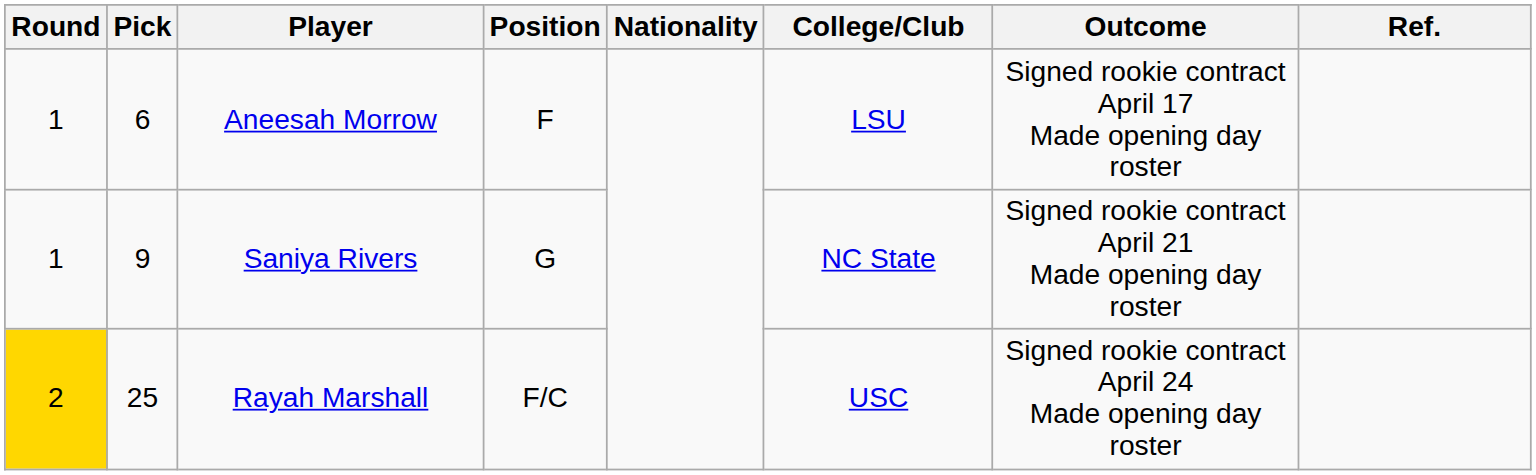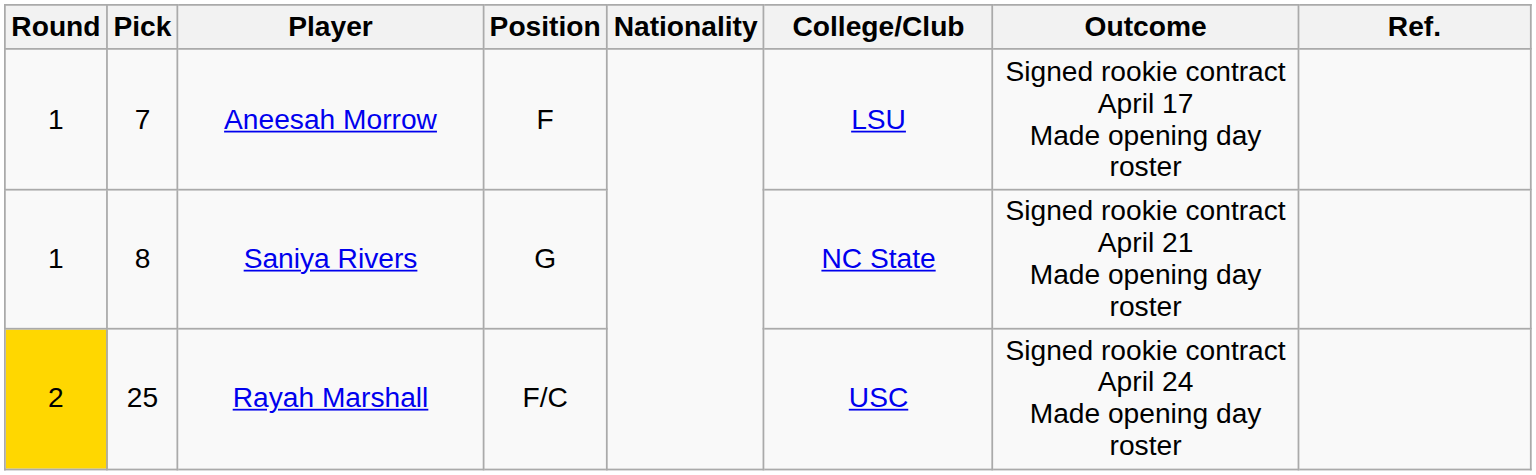 <table class="wikitable sortable sortable" style="text-align: center">
 <tr>
 <th width="5%">Round</th>
 <th width="3%">Pick</th>
 <th width="20%">Player</th>
 <th width="3%">Position</th>
 <th width="10%">Nationality</th>
 <th width="15%">College/Club</th>
 <th width="20%">Outcome</th>
 <th>Ref.</th>
 </tr>
 <tr>
 <td>1</td>
-<td>6</td>
+<td>7</td>
 <td><a href='#'>Aneesah Morrow</a></td>
 <td>F</td>
 <td rowspan=3></td>
 <td><a href='#'>LSU</a></td>
 <td>Signed rookie contract April 17<br>Made opening day roster</td>
 <td></td>
 </tr>
 <tr>
 <td>1</td>
-<td>9</td>
+<td>8</td>
 <td><a href='#'>Saniya Rivers</a></td>
 <td>G</td>
 <td><a href='#'>NC State</a></td>
 <td>Signed rookie contract April 21<br>Made opening day roster</td>
 <td></td>
 </tr>
 <tr>
 <td style="background: gold;">2</td>
 <td>25</td>
 <td><a href='#'>Rayah Marshall</a></td>
 <td>F/C</td>
 <td><a href='#'>USC</a></td>
 <td>Signed rookie contract April 24<br>Made opening day roster</td>
 <td></td>
 </tr>
 </table>
